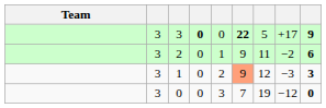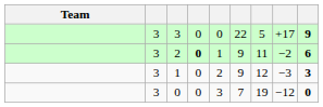 <table class="wikitable" style="text-align: center;">
 <tr>
 <th width="175">Team</th>
 <th width="20"></th>
 <th width="20"></th>
 <th width="20"></th>
 <th width="20"></th>
 <th width="20"></th>
 <th width="20"></th>
 <th width="20"></th>
 <th width="20"></th>
 </tr>
 <tr align=center bgcolor=#ccffcc>
 <td style="text-align:left;"></td>
 <td>3</td>
 <td>3</td>
-<td><strong>0</strong></td>
 <td>0</td>
-<td><strong>22</strong></td>
+<td>0</td>
+<td>22</td>
 <td>5</td>
 <td>+17</td>
 <td><strong>9</strong></td>
 </tr>
 <tr align=center bgcolor=#ccffcc>
 <td style="text-align:left;"></td>
 <td>3</td>
 <td>2</td>
-<td>0</td>
+<td><strong>0</strong></td>
 <td>1</td>
 <td>9</td>
 <td>11</td>
 <td>−2</td>
 <td><strong>6</strong></td>
 </tr>
 <tr>
 <td style="text-align:left;"></td>
 <td>3</td>
 <td>1</td>
 <td>0</td>
 <td>2</td>
-<td style="background: lightsalmon;">9</td>
+<td>9</td>
 <td>12</td>
 <td>−3</td>
 <td><strong>3</strong></td>
 </tr>
 <tr>
 <td style="text-align:left;"></td>
 <td>3</td>
 <td>0</td>
 <td>0</td>
 <td>3</td>
 <td>7</td>
 <td>19</td>
 <td>−12</td>
 <td><strong>0</strong></td>
 </tr>
 </table>
